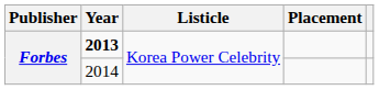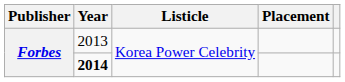 <table class="wikitable plainrowheaders" style="margin-right: 0;">
 <tr>
 <th scope="col">Publisher</th>
 <th scope="col">Year</th>
 <th scope="col">Listicle</th>
 <th scope="col">Placement</th>
 <th scope="col" class="unsortable"></th>
 </tr>
 <tr>
 <th scope="row" rowspan="2"><em><a href='#'>Forbes</a></em></th>
-<td><strong>2013</strong></td>
+<td>2013</td>
 <td rowspan="2"><a href='#'>Korea Power Celebrity</a></td>
 <td></td>
 <td style="text-align:center;"></td>
 </tr>
 <tr>
-<td>2014</td>
+<td><strong>2014</strong></td>
 <td></td>
 <td style="text-align:center;"></td>
 </tr>
 </table>
